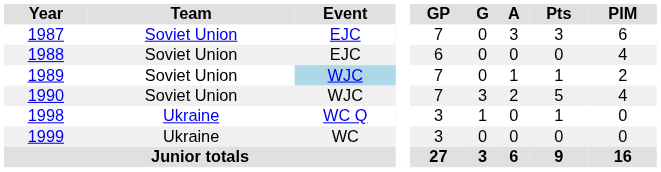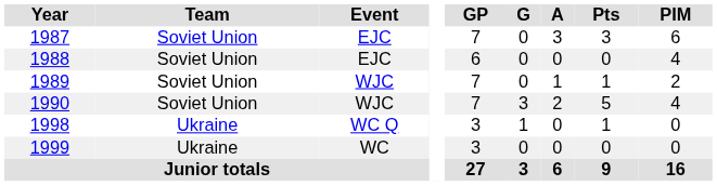 <table border="0" cellpadding="1" cellspacing="0" style="text-align:center; width:40em">
 <tr ALIGN="center" bgcolor="#e0e0e0">
 <th>Year</th>
 <th>Team</th>
 <th>Event</th>
 <th ALIGN="center" rowspan="99" bgcolor="#ffffff"> </th>
 <th>GP</th>
 <th>G</th>
 <th>A</th>
 <th>Pts</th>
 <th>PIM</th>
 </tr>
 <tr>
 <td><a href='#'>1987</a></td>
 <td><a href='#'>Soviet Union</a></td>
 <td><a href='#'>EJC</a></td>
 <td>7</td>
 <td>0</td>
 <td>3</td>
 <td>3</td>
 <td>6</td>
 </tr>
 <tr bgcolor="#f0f0f0">
 <td><a href='#'>1988</a></td>
 <td>Soviet Union</td>
 <td>EJC</td>
 <td>6</td>
 <td>0</td>
 <td>0</td>
 <td>0</td>
 <td>4</td>
 </tr>
 <tr>
 <td><a href='#'>1989</a></td>
 <td>Soviet Union</td>
-<td style="background: lightblue;"><a href='#'>WJC</a></td>
+<td><a href='#'>WJC</a></td>
 <td>7</td>
 <td>0</td>
 <td>1</td>
 <td>1</td>
 <td>2</td>
 </tr>
 <tr bgcolor="#f0f0f0">
 <td><a href='#'>1990</a></td>
 <td>Soviet Union</td>
 <td>WJC</td>
 <td>7</td>
 <td>3</td>
 <td>2</td>
 <td>5</td>
 <td>4</td>
 </tr>
 <tr>
 <td><a href='#'>1998</a></td>
 <td><a href='#'>Ukraine</a></td>
 <td><a href='#'>WC Q</a></td>
 <td>3</td>
 <td>1</td>
 <td>0</td>
 <td>1</td>
 <td>0</td>
 </tr>
 <tr bgcolor="#f0f0f0">
 <td><a href='#'>1999</a></td>
 <td>Ukraine</td>
 <td>WC</td>
 <td>3</td>
 <td>0</td>
 <td>0</td>
 <td>0</td>
 <td>0</td>
 </tr>
 <tr bgcolor="#e0e0e0">
 <th colspan=3>Junior totals</th>
 <th>27</th>
 <th>3</th>
 <th>6</th>
 <th>9</th>
 <th>16</th>
 </tr>
 </table>
